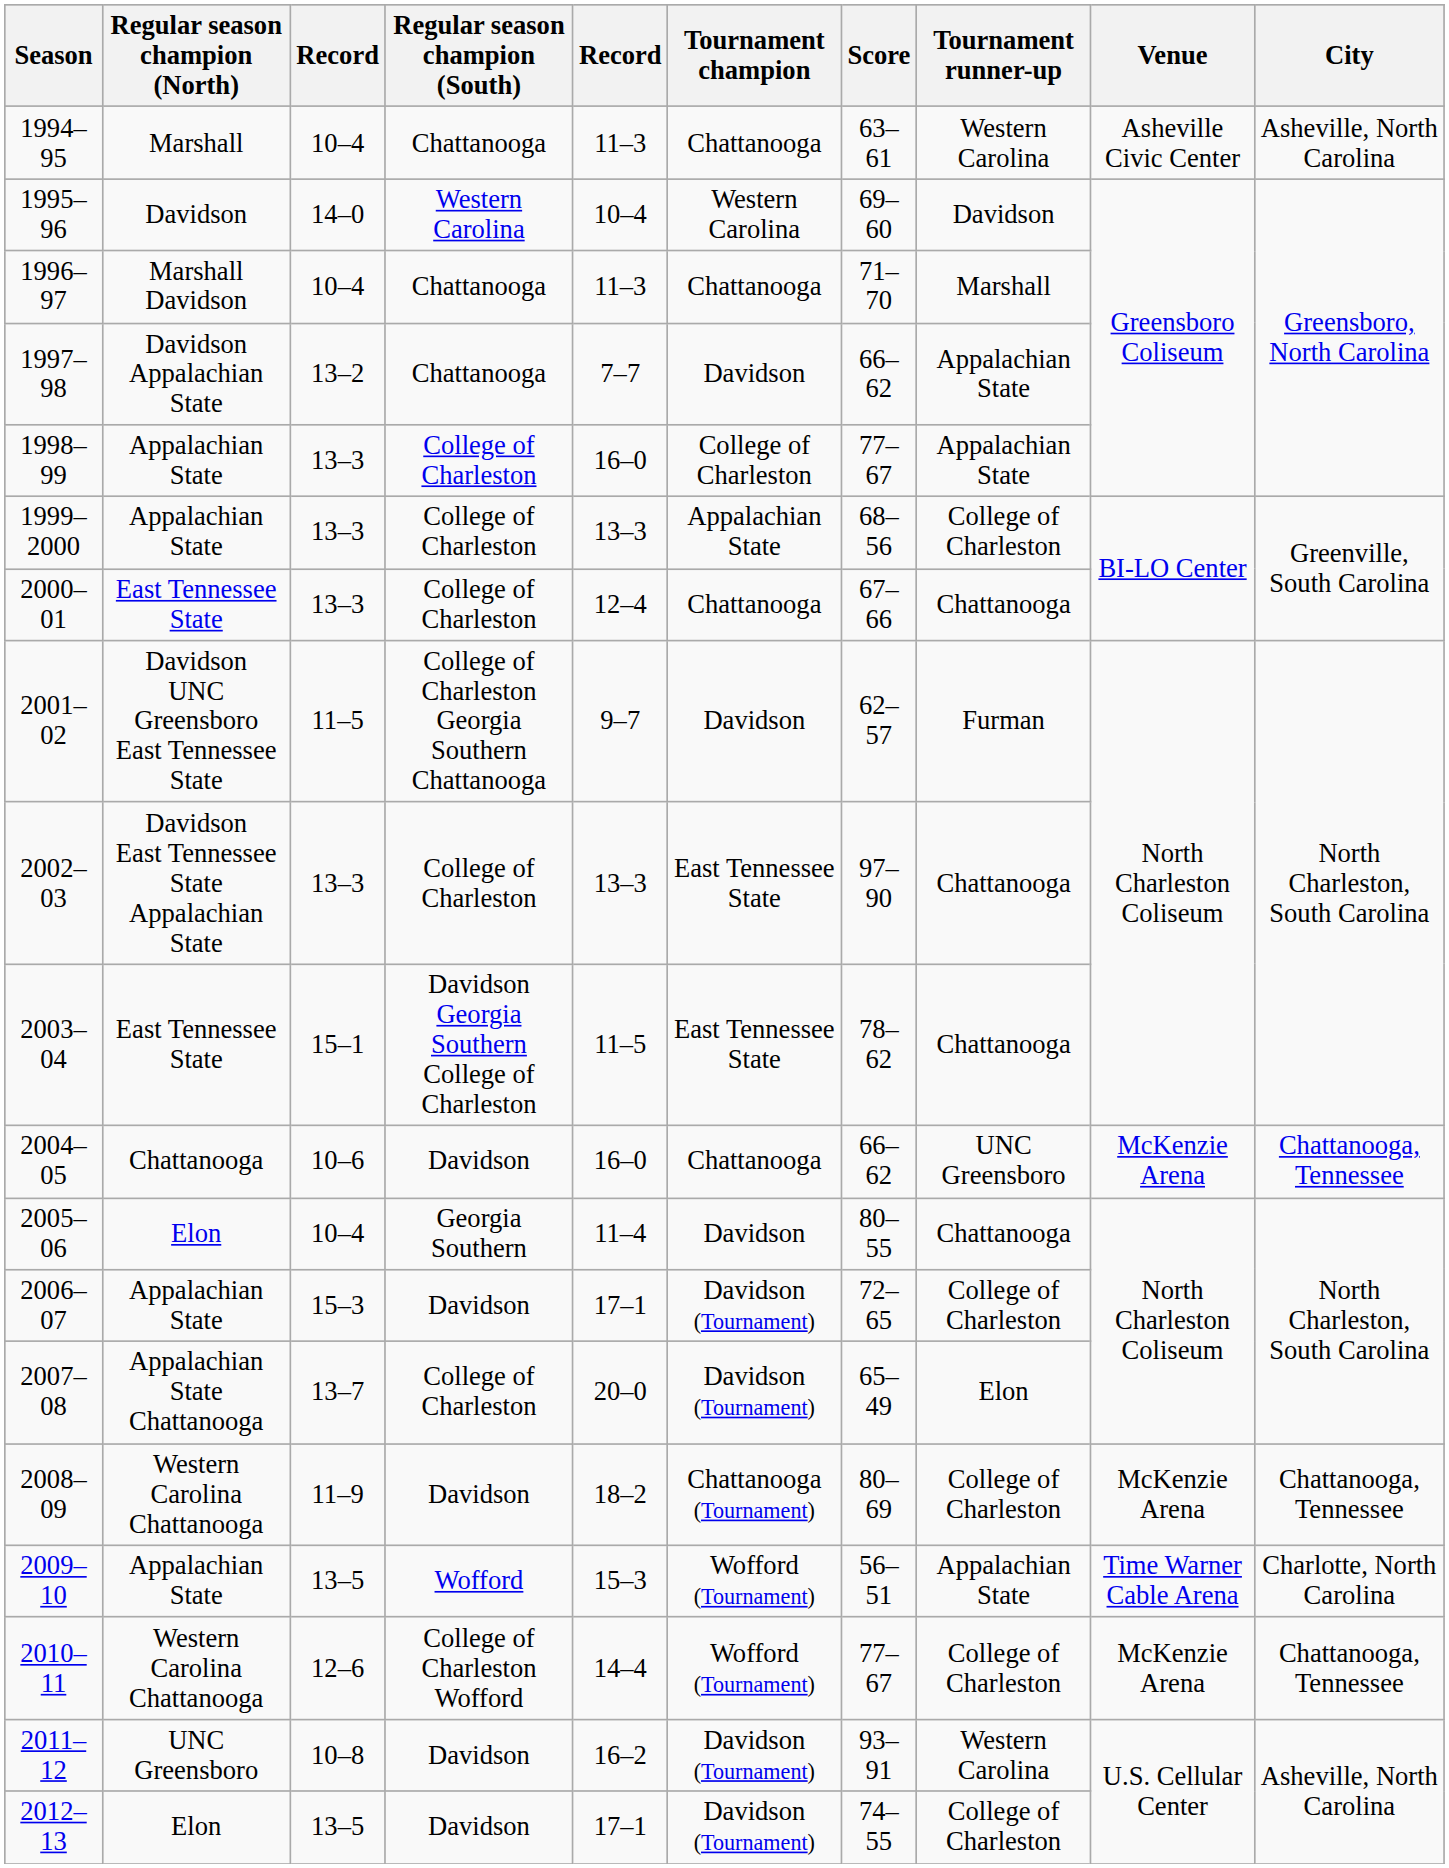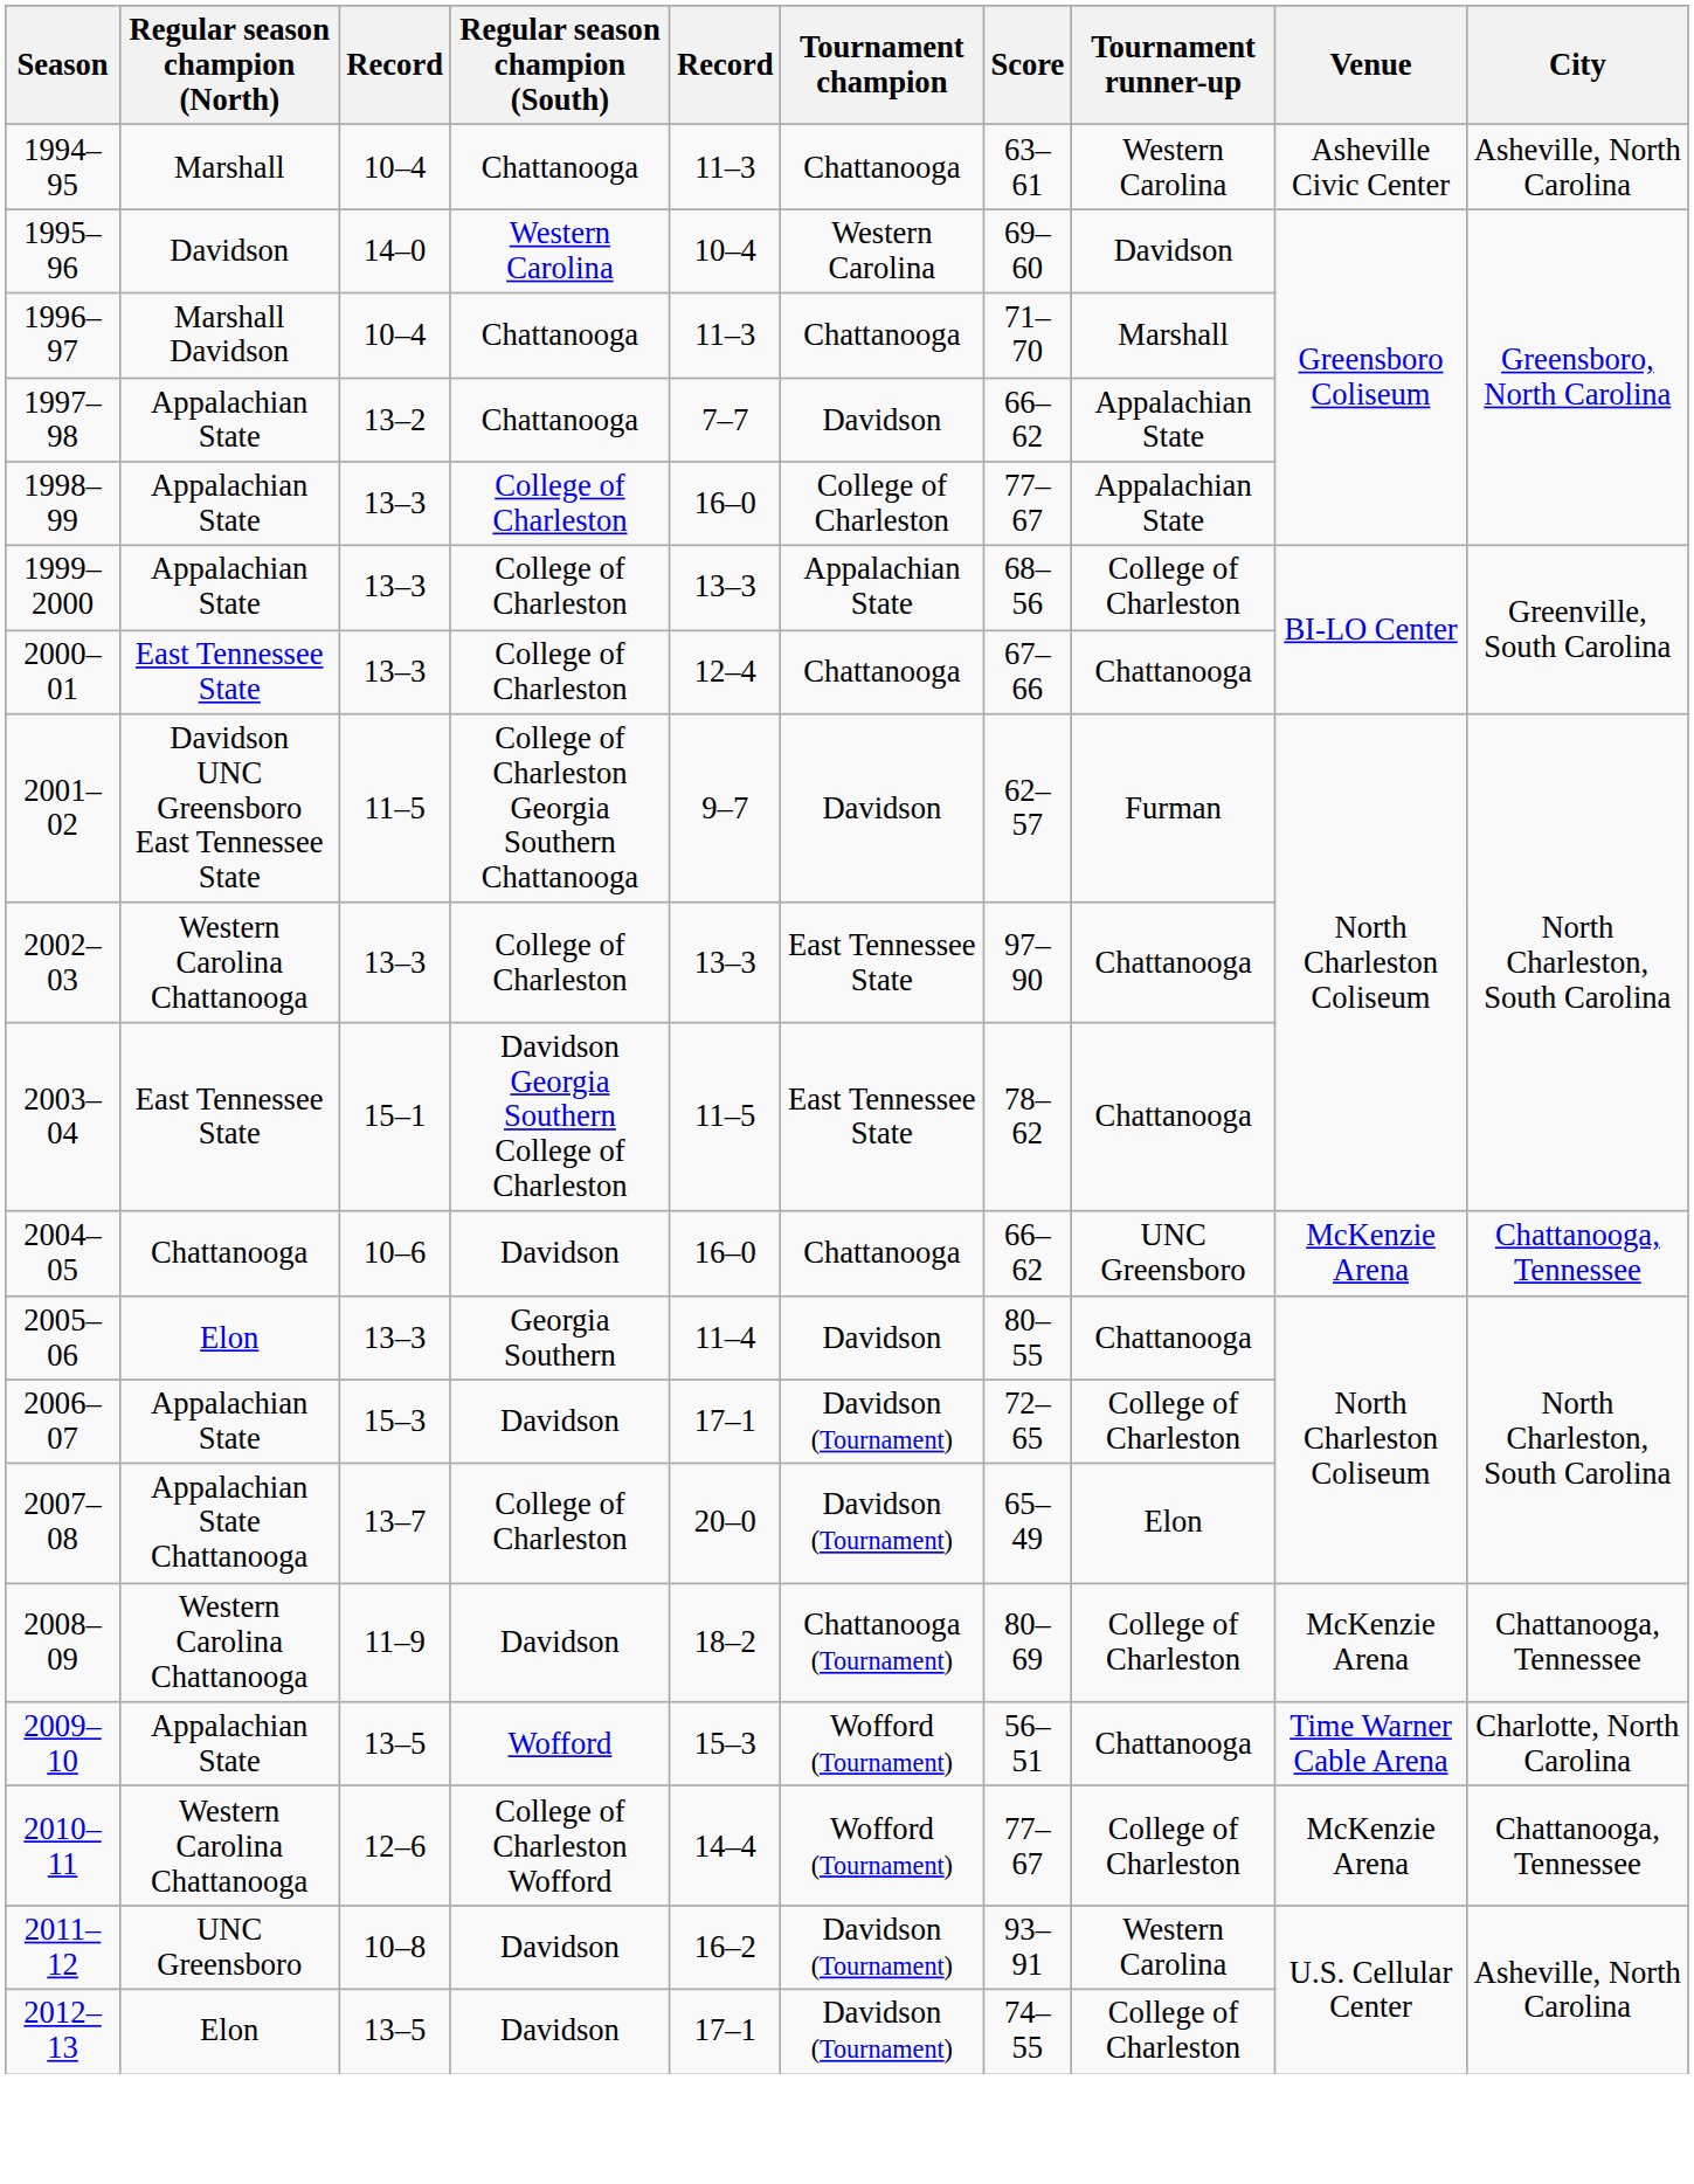 <table class="wikitable sortable" style="text-align:center">
 <tr>
 <th width=px>Season</th>
 <th width=px>Regular season champion (North)</th>
 <th width=px>Record</th>
 <th width=px>Regular season champion (South)</th>
 <th width=px>Record</th>
 <th width=px>Tournament champion</th>
 <th width=px>Score</th>
 <th width=px>Tournament runner-up</th>
 <th width=px>Venue</th>
 <th width=px>City</th>
 </tr>
 <tr>
 <td>1994–95</td>
 <td>Marshall</td>
 <td>10–4</td>
 <td>Chattanooga</td>
 <td>11–3</td>
 <td>Chattanooga</td>
 <td>63–61</td>
 <td>Western  Carolina</td>
 <td>Asheville Civic Center</td>
 <td>Asheville, North Carolina</td>
 </tr>
 <tr>
 <td>1995–96</td>
 <td>Davidson</td>
 <td>14–0</td>
 <td><a href='#'>Western Carolina</a></td>
 <td>10–4</td>
 <td>Western Carolina</td>
 <td>69–60</td>
 <td>Davidson</td>
 <td rowspan=4><a href='#'>Greensboro Coliseum</a></td>
 <td rowspan=4><a href='#'>Greensboro, North Carolina</a></td>
 </tr>
 <tr>
 <td>1996–97</td>
 <td>Marshall<br> Davidson</td>
 <td>10–4</td>
 <td>Chattanooga</td>
 <td>11–3</td>
 <td>Chattanooga</td>
 <td>71–70</td>
 <td>Marshall</td>
 </tr>
 <tr>
 <td>1997–98</td>
-<td>Davidson<br> Appalachian State</td>
+<td>Appalachian State</td>
 <td>13–2</td>
 <td>Chattanooga</td>
 <td>7–7</td>
 <td>Davidson</td>
 <td>66–62</td>
 <td>Appalachian  State</td>
 </tr>
 <tr>
 <td>1998–99</td>
 <td>Appalachian State</td>
 <td>13–3</td>
 <td><a href='#'>College of Charleston</a></td>
 <td>16–0</td>
 <td>College of Charleston</td>
 <td>77–67</td>
 <td>Appalachian  State</td>
 </tr>
 <tr>
 <td>1999–2000</td>
 <td>Appalachian State</td>
 <td>13–3</td>
 <td>College of Charleston</td>
 <td>13–3</td>
 <td>Appalachian State</td>
 <td>68–56</td>
 <td>College  of Charleston</td>
 <td rowspan=2><a href='#'>BI-LO Center</a></td>
 <td rowspan=2>Greenville, South Carolina</td>
 </tr>
 <tr>
 <td>2000–01</td>
 <td><a href='#'>East Tennessee State</a></td>
 <td>13–3</td>
 <td>College of Charleston</td>
 <td>12–4</td>
 <td>Chattanooga</td>
 <td>67–66</td>
 <td>Chattanooga</td>
 </tr>
 <tr>
 <td>2001–02</td>
 <td>Davidson<br> UNC Greensboro<br> East Tennessee State</td>
 <td>11–5</td>
 <td>College of Charleston<br> Georgia Southern<br> Chattanooga</td>
 <td>9–7</td>
 <td>Davidson</td>
 <td>62–57</td>
 <td>Furman</td>
 <td rowspan=3>North Charleston Coliseum</td>
 <td rowspan=3>North Charleston, South Carolina</td>
 </tr>
 <tr>
 <td>2002–03</td>
-<td>Davidson<br> East Tennessee State<br> Appalachian State</td>
+<td>Western Carolina<br> Chattanooga</td>
 <td>13–3</td>
 <td>College of Charleston</td>
 <td>13–3</td>
 <td>East Tennessee State</td>
 <td>97–90</td>
 <td>Chattanooga</td>
 </tr>
 <tr>
 <td>2003–04</td>
 <td>East Tennessee State</td>
 <td>15–1</td>
 <td>Davidson<br> <a href='#'>Georgia Southern</a><br> College of Charleston</td>
 <td>11–5</td>
 <td>East Tennessee State</td>
 <td>78–62</td>
 <td>Chattanooga</td>
 </tr>
 <tr>
 <td>2004–05</td>
 <td>Chattanooga</td>
 <td>10–6</td>
 <td>Davidson</td>
 <td>16–0</td>
 <td>Chattanooga</td>
 <td>66–62</td>
 <td>UNC  Greensboro</td>
 <td><a href='#'>McKenzie Arena</a></td>
 <td><a href='#'>Chattanooga, Tennessee</a></td>
 </tr>
 <tr>
 <td>2005–06</td>
 <td><a href='#'>Elon</a></td>
-<td>10–4</td>
+<td>13–3</td>
 <td>Georgia Southern</td>
 <td>11–4</td>
 <td>Davidson</td>
 <td>80–55</td>
 <td>Chattanooga</td>
 <td rowspan=3>North Charleston Coliseum</td>
 <td rowspan=3>North Charleston, South Carolina</td>
 </tr>
 <tr>
 <td>2006–07</td>
 <td>Appalachian State</td>
 <td>15–3</td>
 <td>Davidson</td>
 <td>17–1</td>
 <td>Davidson <small>(<a href='#'>Tournament</a>)</small></td>
 <td>72–65</td>
 <td>College of Charleston</td>
 </tr>
 <tr>
 <td>2007–08</td>
 <td>Appalachian State<br> Chattanooga</td>
 <td>13–7</td>
 <td>College of Charleston</td>
 <td>20–0</td>
 <td>Davidson <small>(<a href='#'>Tournament</a>)</small></td>
 <td>65–49</td>
 <td>Elon</td>
 </tr>
 <tr>
 <td>2008–09</td>
 <td>Western Carolina<br> Chattanooga</td>
 <td>11–9</td>
 <td>Davidson</td>
 <td>18–2</td>
 <td>Chattanooga <small>(<a href='#'>Tournament</a>)</small></td>
 <td>80–69</td>
 <td>College  of Charleston</td>
 <td>McKenzie Arena</td>
 <td>Chattanooga, Tennessee</td>
 </tr>
 <tr>
 <td><a href='#'>2009–10</a></td>
 <td>Appalachian State</td>
 <td>13–5</td>
 <td><a href='#'>Wofford</a></td>
 <td>15–3</td>
 <td>Wofford <small>(<a href='#'>Tournament</a>)</small></td>
 <td>56–51</td>
-<td>Appalachian  State</td>
+<td>Chattanooga</td>
 <td><a href='#'>Time Warner Cable Arena</a></td>
 <td>Charlotte, North Carolina</td>
 </tr>
 <tr>
 <td><a href='#'>2010–11</a></td>
 <td>Western Carolina<br> Chattanooga</td>
 <td>12–6</td>
 <td>College of Charleston<br> Wofford</td>
 <td>14–4</td>
 <td>Wofford <small>(<a href='#'>Tournament</a>)</small></td>
 <td>77–67</td>
 <td>College  of Charleston</td>
 <td>McKenzie Arena</td>
 <td>Chattanooga, Tennessee</td>
 </tr>
 <tr>
 <td><a href='#'>2011–12</a></td>
 <td>UNC Greensboro</td>
 <td>10–8</td>
 <td>Davidson</td>
 <td>16–2</td>
 <td>Davidson <small>(<a href='#'>Tournament</a>)</small></td>
 <td>93–91</td>
 <td>Western  Carolina</td>
 <td rowspan=2>U.S. Cellular Center</td>
 <td rowspan=2>Asheville, North Carolina</td>
 </tr>
 <tr>
 <td><a href='#'>2012–13</a></td>
 <td>Elon</td>
 <td>13–5</td>
 <td>Davidson</td>
 <td>17–1</td>
 <td>Davidson <small>(<a href='#'>Tournament</a>)</small></td>
 <td>74–55</td>
 <td>College of Charleston</td>
 </tr>
 </table>
